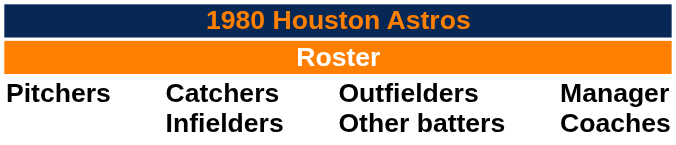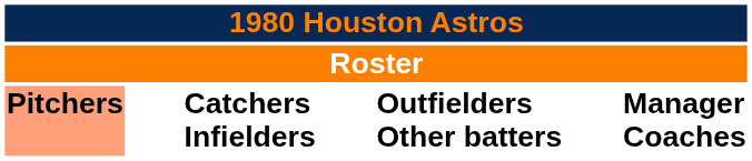 <table class="toccolours" style="text-align: left;">
 <tr>
 <th colspan="10" style="background-color: #072854; color: #FF7F00; text-align: center;">1980 Houston Astros</th>
 </tr>
 <tr>
 <td colspan="10" style="background-color: #FF7F00; color: white; text-align: center;"><strong>Roster</strong></td>
 </tr>
 <tr>
-<td valign="top"><strong>Pitchers</strong><br>            </td>
+<td valign="top" style="background: lightsalmon;"><strong>Pitchers</strong><br>            </td>
 <td width="25px"></td>
 <td valign="top"><strong>Catchers</strong><br>   <strong>Infielders</strong>          </td>
 <td width="25px"></td>
 <td valign="top"><strong>Outfielders</strong><br>      <strong>Other batters</strong> </td>
 <td width="25px"></td>
 <td valign="top"><strong>Manager</strong><br> <strong>Coaches</strong>    </td>
 </tr>
 </table>
